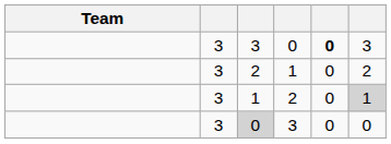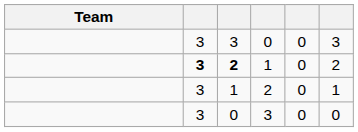 <table class="wikitable sortable static-row-numbers" style="text-align:center; font-size:90%;">
 <tr>
 <th width=160>Team</th>
 <th width=25></th>
 <th width=25></th>
 <th width=25></th>
 <th width=25></th>
 <th width=25></th>
 </tr>
 <tr>
 <td align="left"></td>
 <td>3</td>
 <td>3</td>
 <td>0</td>
-<td><strong>0</strong></td>
+<td>0</td>
 <td>3</td>
 </tr>
 <tr>
 <td align="left"></td>
-<td>3</td>
-<td>2</td>
+<td><strong>3</strong></td>
+<td><strong>2</strong></td>
 <td>1</td>
 <td>0</td>
 <td>2</td>
 </tr>
 <tr>
 <td align="left"></td>
 <td>3</td>
 <td>1</td>
 <td>2</td>
 <td>0</td>
-<td style="background: lightgrey;">1</td>
+<td>1</td>
 </tr>
 <tr>
 <td align="left"></td>
 <td>3</td>
-<td style="background: lightgrey;">0</td>
+<td>0</td>
 <td>3</td>
 <td>0</td>
 <td>0</td>
 </tr>
 </table>
